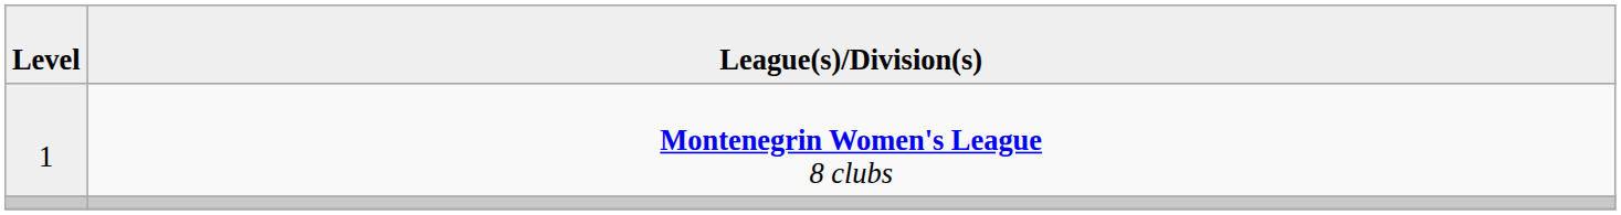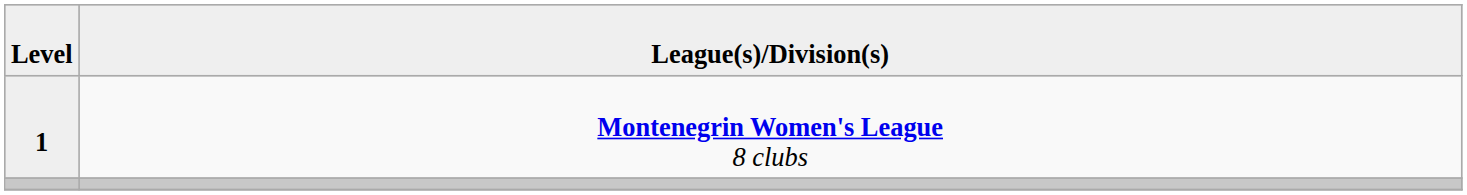 <table class="wikitable" style="text-align:center; width:100%;">
 <tr style="background:#efefef;">
 <td style="width:4%; text-align:center;"><br><strong>Level</strong></td>
 <td colspan="12"  style="width:96%; text-align:center;"><br><strong>League(s)/Division(s)</strong></td>
 </tr>
 <tr>
-<td style="text-align:center; width:4%; background:#efefef;"><br>1</td>
+<td style="text-align:center; width:4%; background:#efefef;"><strong><br>1</strong></td>
 <td colspan="12"  style="width:96%; text-align:center;"><br><strong><a href='#'>Montenegrin Women's League</a></strong><br> <em>8 clubs</em><br></td>
 </tr>
 <tr style="background:#c8c8c8">
 <td style="width:4%;"></td>
 <td></td>
 </tr>
 <tr>
 </tr>
 </table>
